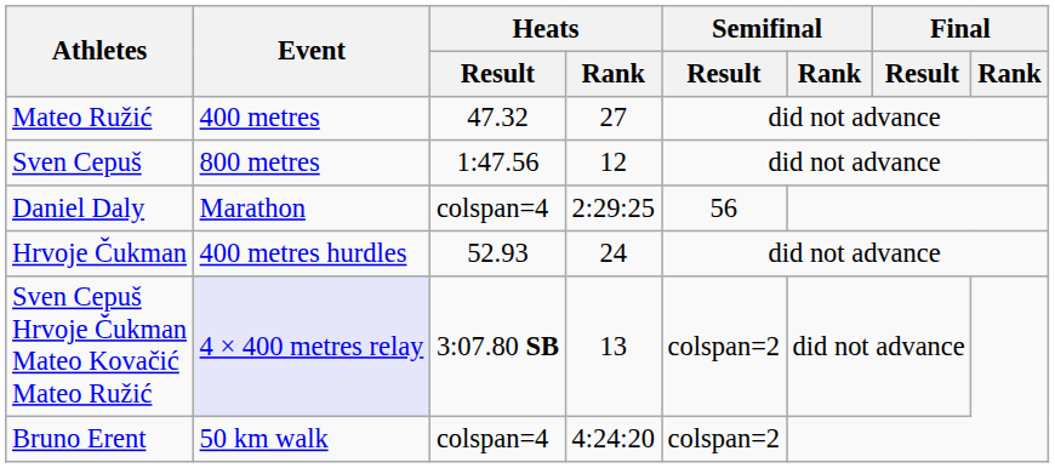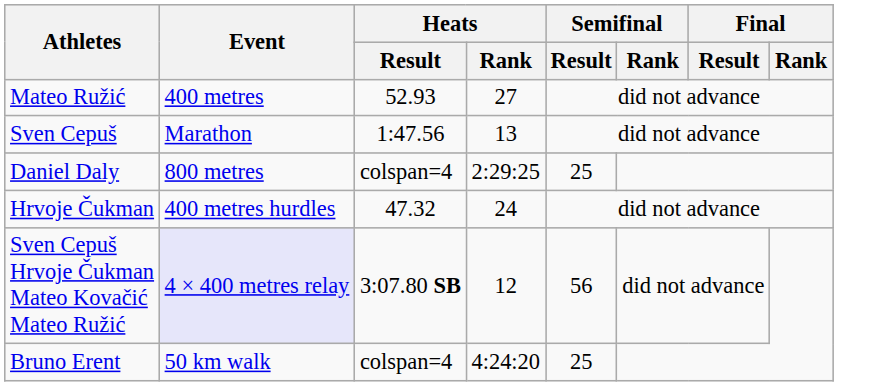 <table class="wikitable" border="1" style="font-size:90%">
 <tr>
 <th rowspan="2">Athletes</th>
 <th rowspan="2">Event</th>
 <th colspan="2">Heats</th>
 <th colspan="2">Semifinal</th>
 <th colspan="2">Final</th>
 </tr>
 <tr>
 <th>Result</th>
 <th>Rank</th>
 <th>Result</th>
 <th>Rank</th>
 <th>Result</th>
 <th>Rank</th>
 </tr>
 <tr>
 <td><a href='#'>Mateo Ružić</a></td>
 <td><a href='#'>400 metres</a></td>
-<td align=center>47.32</td>
+<td align=center>52.93</td>
 <td align=center>27</td>
 <td align=center colspan=4>did not advance</td>
 </tr>
 <tr>
 <td><a href='#'>Sven Cepuš</a></td>
-<td><a href='#'>800 metres</a></td>
+<td><a href='#'>Marathon</a></td>
 <td align=center>1:47.56</td>
-<td align=center>12</td>
+<td align=center>13</td>
 <td align=center colspan=4>did not advance</td>
 </tr>
 <tr>
 <td><a href='#'>Daniel Daly</a></td>
-<td><a href='#'>Marathon</a></td>
+<td><a href='#'>800 metres</a></td>
 <td>colspan=4</td>
 <td align=center>2:29:25</td>
-<td align=center>56</td>
+<td align=center>25</td>
 </tr>
 <tr>
 <td><a href='#'>Hrvoje Čukman</a></td>
 <td><a href='#'>400 metres hurdles</a></td>
-<td align=center>52.93</td>
+<td align=center>47.32</td>
 <td align=center>24</td>
 <td align=center colspan=4>did not advance</td>
 </tr>
 <tr>
 <td><a href='#'>Sven Cepuš</a><br><a href='#'>Hrvoje Čukman</a><br><a href='#'>Mateo Kovačić</a><br><a href='#'>Mateo Ružić</a></td>
 <td style="background: lavender;"><a href='#'>4 × 400 metres relay</a></td>
 <td align=center>3:07.80 <strong>SB</strong></td>
-<td align=center>13</td>
-<td>colspan=2</td>
+<td align=center>12</td>
+<td align=center>56</td>
 <td align=center colspan=2>did not advance</td>
 </tr>
 <tr>
 <td><a href='#'>Bruno Erent</a></td>
 <td><a href='#'>50 km walk</a></td>
 <td>colspan=4</td>
 <td align=center>4:24:20</td>
-<td>colspan=2</td>
+<td align=center>25</td>
 </tr>
 </table>
